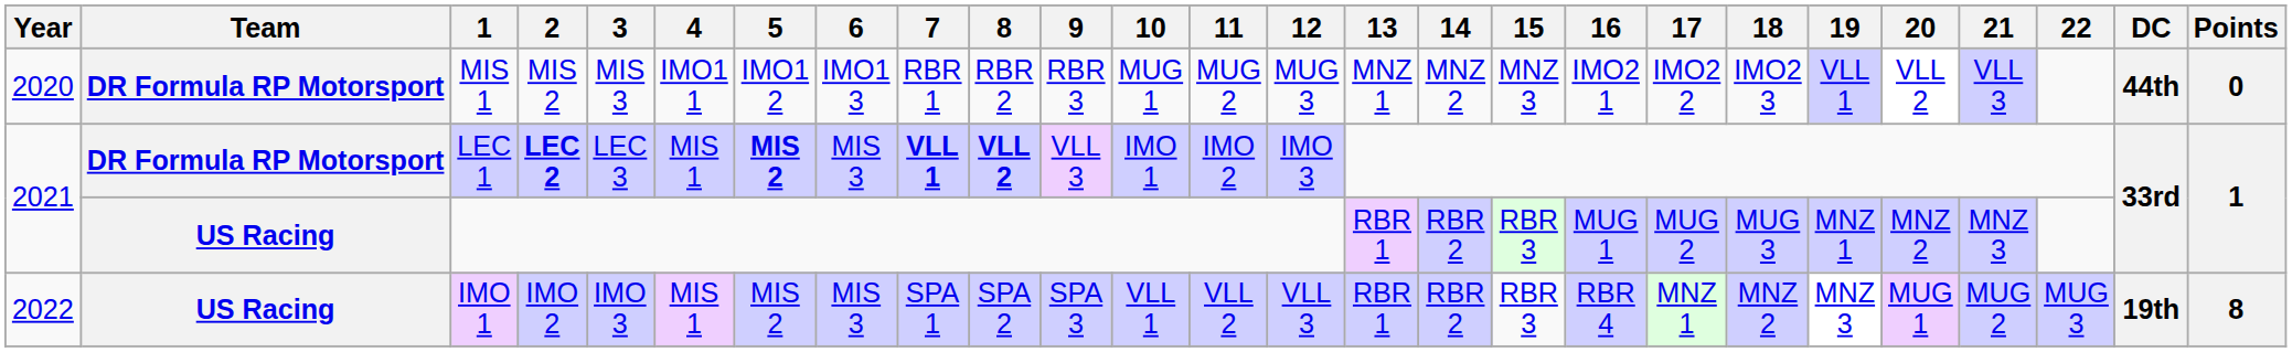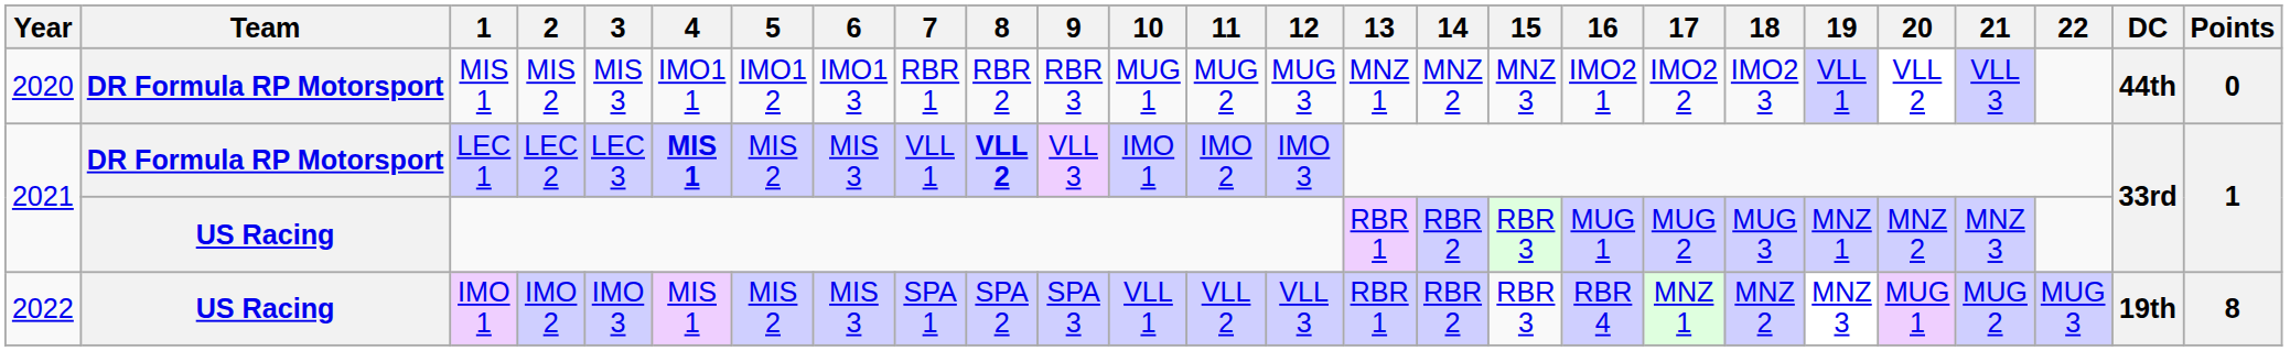 <table class="wikitable" style="text-align:center; font-size:85%">
 <tr>
 <th>Year</th>
 <th>Team</th>
 <th>1</th>
 <th>2</th>
 <th>3</th>
 <th>4</th>
 <th>5</th>
 <th>6</th>
 <th>7</th>
 <th>8</th>
 <th>9</th>
 <th>10</th>
 <th>11</th>
 <th>12</th>
 <th>13</th>
 <th>14</th>
 <th>15</th>
 <th>16</th>
 <th>17</th>
 <th>18</th>
 <th>19</th>
 <th>20</th>
 <th>21</th>
 <th>22</th>
 <th>DC</th>
 <th>Points</th>
 </tr>
 <tr>
 <td><a href='#'>2020</a></td>
 <th nowrap><a href='#'>DR Formula RP Motorsport</a></th>
 <td style="background:#;"><a href='#'>MIS<br>1</a></td>
 <td style="background:#;"><a href='#'>MIS<br>2</a></td>
 <td style="background:#;"><a href='#'>MIS<br>3</a></td>
 <td style="background:#;"><a href='#'>IMO1<br>1</a></td>
 <td style="background:#;"><a href='#'>IMO1<br>2</a></td>
 <td style="background:#;"><a href='#'>IMO1<br>3</a></td>
 <td style="background:#;"><a href='#'>RBR<br>1</a></td>
 <td style="background:#;"><a href='#'>RBR<br>2</a></td>
 <td style="background:#;"><a href='#'>RBR<br>3</a></td>
 <td style="background:#;"><a href='#'>MUG<br>1</a></td>
 <td style="background:#;"><a href='#'>MUG<br>2</a></td>
 <td style="background:#;"><a href='#'>MUG<br>3</a></td>
 <td style="background:#;"><a href='#'>MNZ<br>1</a></td>
 <td style="background:#;"><a href='#'>MNZ<br>2</a></td>
 <td style="background:#;"><a href='#'>MNZ<br>3</a></td>
 <td style="background:#;"><a href='#'>IMO2<br>1</a></td>
 <td style="background:#;"><a href='#'>IMO2<br>2</a></td>
 <td style="background:#;"><a href='#'>IMO2<br>3</a></td>
 <td style="background:#CFCFFF;"><a href='#'>VLL<br>1</a><br></td>
 <td style="background:#FFFFFF;"><a href='#'>VLL<br>2</a><br></td>
 <td style="background:#CFCFFF;"><a href='#'>VLL<br>3</a><br></td>
 <td></td>
 <th>44th</th>
 <th>0</th>
 </tr>
 <tr>
 <td rowspan="2"><a href='#'>2021</a></td>
 <th nowrap><a href='#'>DR Formula RP Motorsport</a></th>
 <td style="background:#CFCFFF;"><a href='#'>LEC<br>1</a><br></td>
-<td style="background:#CFCFFF;"><strong><a href='#'>LEC<br>2</a><br></strong></td>
+<td style="background:#CFCFFF;"><a href='#'>LEC<br>2</a><br></td>
 <td style="background:#CFCFFF;"><a href='#'>LEC<br>3</a><br></td>
-<td style="background:#CFCFFF;"><a href='#'>MIS<br>1</a><br></td>
-<td style="background:#CFCFFF;"><strong><a href='#'>MIS<br>2</a><br></strong></td>
+<td style="background:#CFCFFF;"><strong><a href='#'>MIS<br>1</a><br></strong></td>
+<td style="background:#CFCFFF;"><a href='#'>MIS<br>2</a><br></td>
 <td style="background:#CFCFFF;"><a href='#'>MIS<br>3</a><br></td>
-<td style="background:#CFCFFF;"><strong><a href='#'>VLL<br>1</a><br></strong></td>
+<td style="background:#CFCFFF;"><a href='#'>VLL<br>1</a><br></td>
 <td style="background:#CFCFFF;"><strong><a href='#'>VLL<br>2</a><br></strong></td>
 <td style="background:#EFCFFF;"><a href='#'>VLL<br>3</a><br></td>
 <td style="background:#CFCFFF;"><a href='#'>IMO<br>1</a><br></td>
 <td style="background:#CFCFFF;"><a href='#'>IMO<br>2</a><br></td>
 <td style="background:#CFCFFF;"><a href='#'>IMO<br>3</a><br></td>
 <td colspan=10></td>
 <th rowspan="2">33rd</th>
 <th rowspan="2">1</th>
 </tr>
 <tr>
 <th nowrap><a href='#'>US Racing</a></th>
 <td colspan=12></td>
 <td style="background:#EFCFFF;"><a href='#'>RBR<br>1</a><br></td>
 <td style="background:#CFCFFF;"><a href='#'>RBR<br>2</a><br></td>
 <td style="background:#DFFFDF;"><a href='#'>RBR<br>3</a><br></td>
 <td style="background:#CFCFFF;"><a href='#'>MUG<br>1</a><br></td>
 <td style="background:#CFCFFF;"><a href='#'>MUG<br>2</a><br></td>
 <td style="background:#CFCFFF;"><a href='#'>MUG<br>3</a><br></td>
 <td style="background:#CFCFFF;"><a href='#'>MNZ<br>1</a><br></td>
 <td style="background:#CFCFFF;"><a href='#'>MNZ<br>2</a><br></td>
 <td style="background:#CFCFFF;"><a href='#'>MNZ<br>3</a><br></td>
 <td></td>
 </tr>
 <tr>
 <td><a href='#'>2022</a></td>
 <th nowrap><a href='#'>US Racing</a></th>
 <td style="background:#EFCFFF;"><a href='#'>IMO<br>1</a><br></td>
 <td style="background:#CFCFFF;"><a href='#'>IMO<br>2</a><br></td>
 <td style="background:#CFCFFF;"><a href='#'>IMO<br>3</a><br></td>
 <td style="background:#EFCFFF;"><a href='#'>MIS<br>1</a><br></td>
 <td style="background:#CFCFFF;"><a href='#'>MIS<br>2</a><br></td>
 <td style="background:#CFCFFF;"><a href='#'>MIS<br>3</a><br></td>
 <td style="background:#CFCFFF;"><a href='#'>SPA<br>1</a><br></td>
 <td style="background:#CFCFFF;"><a href='#'>SPA<br>2</a><br></td>
 <td style="background:#CFCFFF;"><a href='#'>SPA<br>3</a><br></td>
 <td style="background:#CFCFFF;"><a href='#'>VLL<br>1</a><br></td>
 <td style="background:#CFCFFF;"><a href='#'>VLL<br>2</a><br></td>
 <td style="background:#CFCFFF;"><a href='#'>VLL<br>3</a><br></td>
 <td style="background:#CFCFFF;"><a href='#'>RBR<br>1</a><br></td>
 <td style="background:#CFCFFF;"><a href='#'>RBR<br>2</a><br></td>
 <td style="background:#;"><a href='#'>RBR<br>3</a></td>
 <td style="background:#CFCFFF;"><a href='#'>RBR<br>4</a><br></td>
 <td style="background:#DFFFDF;"><a href='#'>MNZ<br>1</a><br></td>
 <td style="background:#CFCFFF;"><a href='#'>MNZ<br>2</a><br></td>
 <td style="background:#FFFFFF;"><a href='#'>MNZ<br>3</a><br></td>
 <td style="background:#EFCFFF;"><a href='#'>MUG<br>1</a><br></td>
 <td style="background:#CFCFFF;"><a href='#'>MUG<br>2</a><br></td>
 <td style="background:#CFCFFF;"><a href='#'>MUG<br>3</a><br></td>
 <th>19th</th>
 <th>8</th>
 </tr>
 </table>
